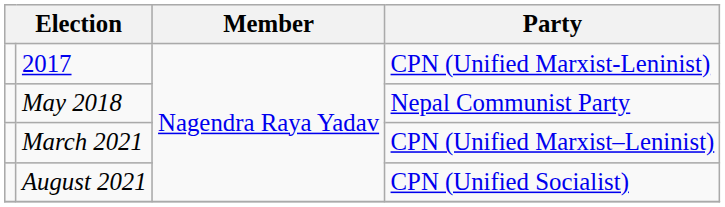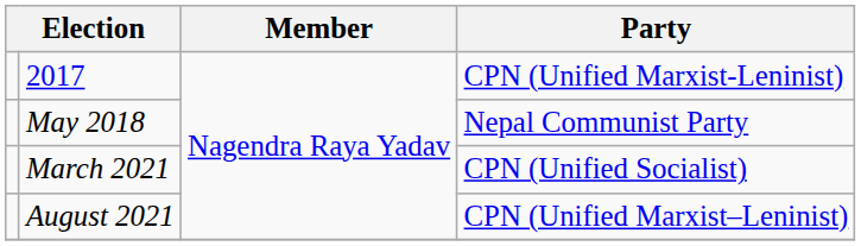 <table class="wikitable">
 <tr>
 <th colspan="2">Election</th>
 <th>Member</th>
 <th>Party</th>
 </tr>
 <tr>
 <td style="background-color:"></td>
 <td><a href='#'>2017</a></td>
 <td rowspan="4"><a href='#'>Nagendra Raya Yadav</a></td>
 <td><a href='#'>CPN (Unified Marxist-Leninist)</a></td>
 </tr>
 <tr>
 <td style="background-color:"></td>
 <td><em>May 2018</em></td>
 <td><a href='#'>Nepal Communist Party</a></td>
 </tr>
 <tr>
 <td style="background-color:"></td>
 <td><em>March 2021</em></td>
-<td><a href='#'>CPN (Unified Marxist–Leninist)</a></td>
+<td><a href='#'>CPN (Unified Socialist)</a></td>
 </tr>
 <tr>
 <td style="background-color:"></td>
 <td><em>August 2021</em></td>
-<td><a href='#'>CPN (Unified Socialist)</a></td>
+<td><a href='#'>CPN (Unified Marxist–Leninist)</a></td>
 </tr>
 <tr>
 </tr>
 </table>
